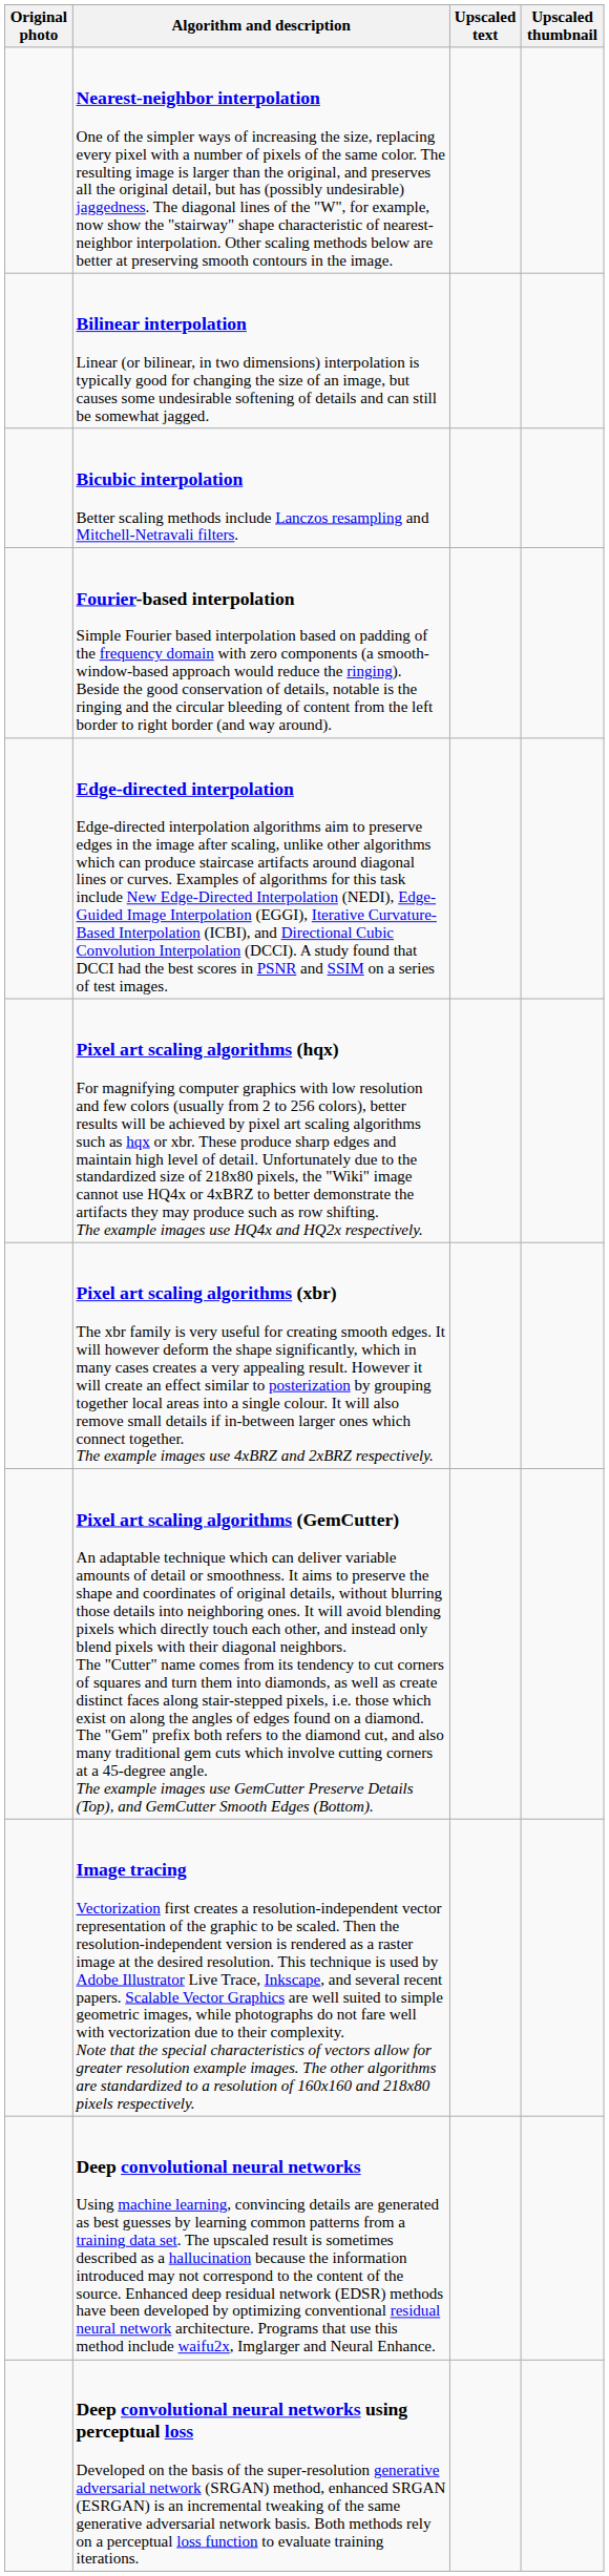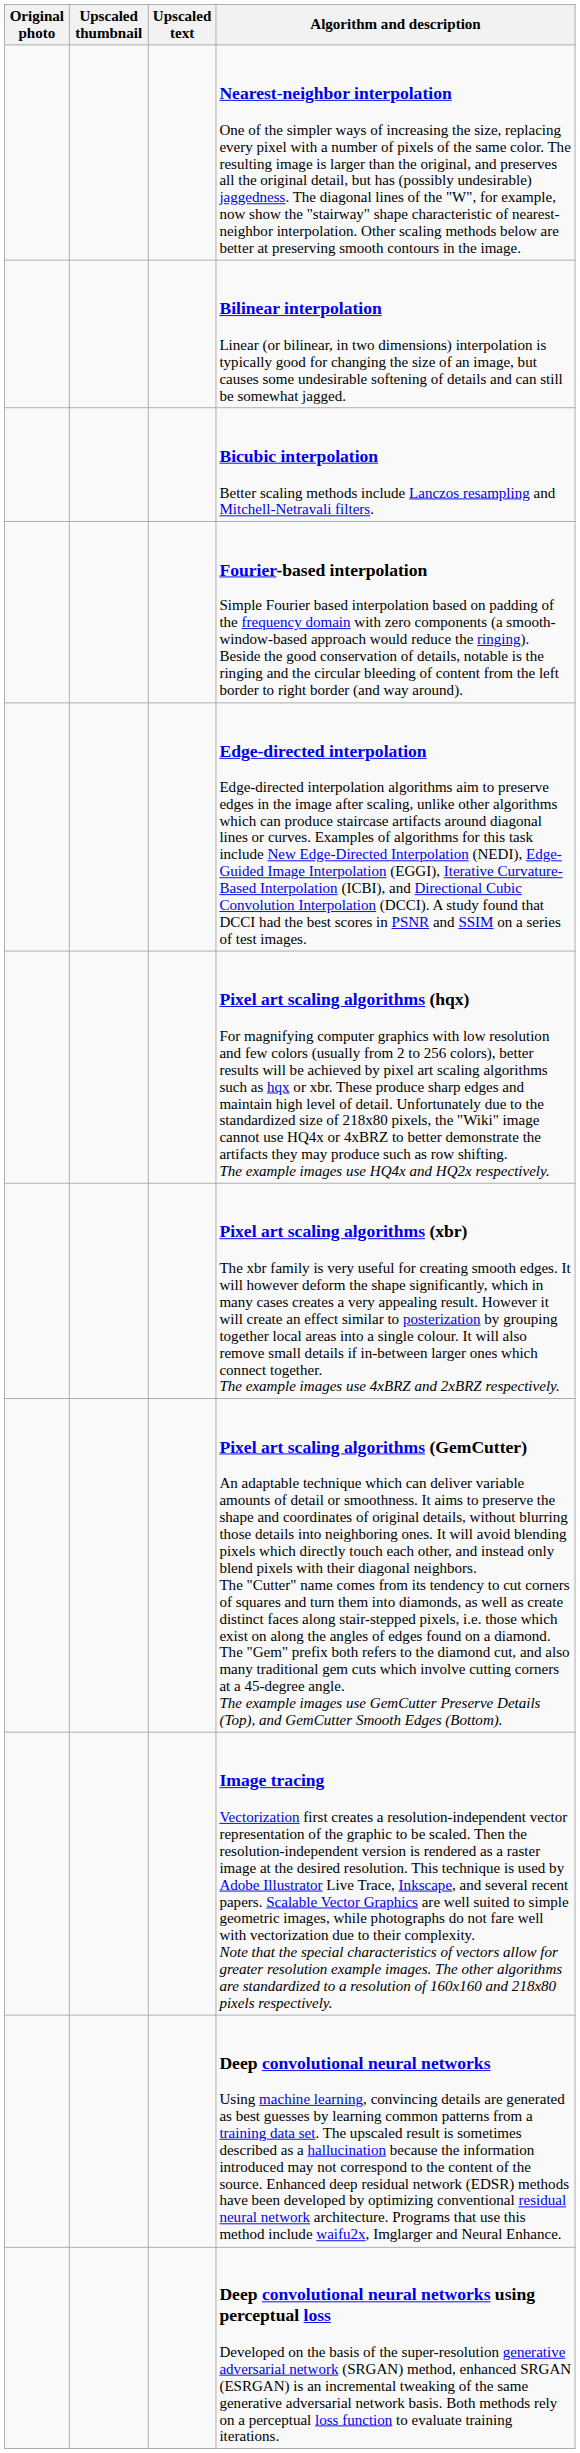 <table class="wikitable">
 <tr>
 <th>Original photo</th>
+<th>Upscaled thumbnail</th>
+<th>Upscaled text</th>
 <th>Algorithm and description</th>
-<th>Upscaled text</th>
-<th>Upscaled thumbnail</th>
 </tr>
 <tr>
 <td></td>
-<td><br><h3><a href='#'>Nearest-neighbor interpolation</a></h3>One of the simpler ways of increasing the size, replacing every pixel with a number of pixels of the same color. The resulting image is larger than the original, and preserves all the original detail, but has (possibly undesirable) <a href='#'>jaggedness</a>. The diagonal lines of the "W", for example, now show the "stairway" shape characteristic of nearest-neighbor interpolation. Other scaling methods below are better at preserving smooth contours in the image.</td>
 <td></td>
 <td></td>
+<td><br><h3><a href='#'>Nearest-neighbor interpolation</a></h3>One of the simpler ways of increasing the size, replacing every pixel with a number of pixels of the same color. The resulting image is larger than the original, and preserves all the original detail, but has (possibly undesirable) <a href='#'>jaggedness</a>. The diagonal lines of the "W", for example, now show the "stairway" shape characteristic of nearest-neighbor interpolation. Other scaling methods below are better at preserving smooth contours in the image.</td>
 </tr>
 <tr>
 <td></td>
-<td><br><h3><a href='#'>Bilinear interpolation</a></h3>Linear (or bilinear, in two dimensions) interpolation is typically good for changing the size of an image, but causes some undesirable softening of details and can still be somewhat jagged.</td>
 <td></td>
 <td></td>
+<td><br><h3><a href='#'>Bilinear interpolation</a></h3>Linear (or bilinear, in two dimensions) interpolation is typically good for changing the size of an image, but causes some undesirable softening of details and can still be somewhat jagged.</td>
 </tr>
 <tr>
 <td></td>
-<td><br><h3><a href='#'>Bicubic interpolation</a></h3>Better scaling methods include <a href='#'>Lanczos resampling</a> and <a href='#'>Mitchell-Netravali filters</a>.</td>
 <td></td>
 <td></td>
+<td><br><h3><a href='#'>Bicubic interpolation</a></h3>Better scaling methods include <a href='#'>Lanczos resampling</a> and <a href='#'>Mitchell-Netravali filters</a>.</td>
 </tr>
 <tr>
 <td></td>
-<td><br><h3><a href='#'>Fourier</a>-based interpolation</h3>Simple Fourier based interpolation based on padding of the <a href='#'>frequency domain</a> with zero components (a smooth-window-based approach would reduce the <a href='#'>ringing</a>). Beside the good conservation of details, notable is the ringing and the circular bleeding of content from the left border to right border (and way around).</td>
 <td></td>
 <td></td>
+<td><br><h3><a href='#'>Fourier</a>-based interpolation</h3>Simple Fourier based interpolation based on padding of the <a href='#'>frequency domain</a> with zero components (a smooth-window-based approach would reduce the <a href='#'>ringing</a>). Beside the good conservation of details, notable is the ringing and the circular bleeding of content from the left border to right border (and way around).</td>
 </tr>
 <tr>
 <td></td>
-<td><br><h3><a href='#'>Edge-directed interpolation</a></h3>Edge-directed interpolation algorithms aim to preserve edges in the image after scaling, unlike other algorithms which can produce staircase artifacts around diagonal lines or curves. Examples of algorithms for this task include <a href='#'>New Edge-Directed Interpolation</a> (NEDI), <a href='#'>Edge-Guided Image Interpolation</a> (EGGI), <a href='#'>Iterative Curvature-Based Interpolation</a> (ICBI), and <a href='#'>Directional Cubic Convolution Interpolation</a> (DCCI).  A study found that DCCI had the best scores in <a href='#'>PSNR</a> and <a href='#'>SSIM</a> on a series of test images.</td>
 <td></td>
 <td></td>
+<td><br><h3><a href='#'>Edge-directed interpolation</a></h3>Edge-directed interpolation algorithms aim to preserve edges in the image after scaling, unlike other algorithms which can produce staircase artifacts around diagonal lines or curves. Examples of algorithms for this task include <a href='#'>New Edge-Directed Interpolation</a> (NEDI), <a href='#'>Edge-Guided Image Interpolation</a> (EGGI), <a href='#'>Iterative Curvature-Based Interpolation</a> (ICBI), and <a href='#'>Directional Cubic Convolution Interpolation</a> (DCCI).  A study found that DCCI had the best scores in <a href='#'>PSNR</a> and <a href='#'>SSIM</a> on a series of test images.</td>
 </tr>
 <tr>
 <td></td>
-<td><br><h3><a href='#'>Pixel art scaling algorithms</a> (hqx)</h3>For magnifying computer graphics with low resolution and few colors (usually from 2 to 256 colors), better results will be achieved by pixel art scaling algorithms such as <a href='#'>hqx</a> or xbr. These produce sharp edges and maintain high level of detail. Unfortunately due to the standardized size of 218x80 pixels, the "Wiki" image cannot use HQ4x or 4xBRZ to better demonstrate the artifacts they may produce such as row shifting.<br><em>The example images use HQ4x and HQ2x respectively.</em></td>
 <td></td>
 <td></td>
+<td><br><h3><a href='#'>Pixel art scaling algorithms</a> (hqx)</h3>For magnifying computer graphics with low resolution and few colors (usually from 2 to 256 colors), better results will be achieved by pixel art scaling algorithms such as <a href='#'>hqx</a> or xbr. These produce sharp edges and maintain high level of detail. Unfortunately due to the standardized size of 218x80 pixels, the "Wiki" image cannot use HQ4x or 4xBRZ to better demonstrate the artifacts they may produce such as row shifting.<br><em>The example images use HQ4x and HQ2x respectively.</em></td>
 </tr>
 <tr>
 <td></td>
-<td><br><h3><a href='#'>Pixel art scaling algorithms</a> (xbr)</h3>The xbr family is very useful for creating smooth edges. It will however deform the shape significantly, which in many cases creates a very appealing result. However it will create an effect similar to <a href='#'>posterization</a> by grouping together local areas into a single colour. It will also remove small details if in-between larger ones which connect together.<br><em>The example images use 4xBRZ and 2xBRZ respectively.</em></td>
 <td></td>
 <td></td>
+<td><br><h3><a href='#'>Pixel art scaling algorithms</a> (xbr)</h3>The xbr family is very useful for creating smooth edges. It will however deform the shape significantly, which in many cases creates a very appealing result. However it will create an effect similar to <a href='#'>posterization</a> by grouping together local areas into a single colour. It will also remove small details if in-between larger ones which connect together.<br><em>The example images use 4xBRZ and 2xBRZ respectively.</em></td>
 </tr>
 <tr>
 <td></td>
+<td></td>
+<td><br><br></td>
 <td><br><h3><a href='#'>Pixel art scaling algorithms</a> (GemCutter)</h3>An adaptable technique which can deliver variable amounts of detail or smoothness. It aims to preserve the shape and coordinates of original details, without blurring those details into neighboring ones. It will avoid blending pixels which directly touch each other, and instead only blend pixels with their diagonal neighbors.<br>The "Cutter" name comes from its tendency to cut corners of squares and turn them into diamonds, as well as create distinct faces along stair-stepped pixels, i.e. those which exist on along the angles of edges found on a diamond. The "Gem" prefix both refers to the diamond cut, and also many traditional gem cuts which involve cutting corners at a 45-degree angle.<br><em>The example images use GemCutter Preserve Details (Top), and GemCutter Smooth Edges (Bottom).</em></td>
-<td><br><br></td>
-<td></td>
 </tr>
 <tr>
 <td></td>
-<td><br><h3><a href='#'>Image tracing</a></h3><a href='#'>Vectorization</a> first creates a resolution-independent vector representation of the graphic to be scaled. Then the resolution-independent version is rendered as a raster image at the desired resolution. This technique is used by <a href='#'>Adobe Illustrator</a> Live Trace, <a href='#'>Inkscape</a>, and several recent papers. <a href='#'>Scalable Vector Graphics</a> are well suited to simple geometric images, while photographs do not fare well with vectorization due to their complexity.<br><em>Note that the special characteristics of vectors allow for greater resolution example images. The other algorithms are standardized to a resolution of 160x160 and 218x80 pixels respectively.</em></td>
 <td></td>
 <td></td>
+<td><br><h3><a href='#'>Image tracing</a></h3><a href='#'>Vectorization</a> first creates a resolution-independent vector representation of the graphic to be scaled. Then the resolution-independent version is rendered as a raster image at the desired resolution. This technique is used by <a href='#'>Adobe Illustrator</a> Live Trace, <a href='#'>Inkscape</a>, and several recent papers. <a href='#'>Scalable Vector Graphics</a> are well suited to simple geometric images, while photographs do not fare well with vectorization due to their complexity.<br><em>Note that the special characteristics of vectors allow for greater resolution example images. The other algorithms are standardized to a resolution of 160x160 and 218x80 pixels respectively.</em></td>
 </tr>
 <tr>
 <td></td>
-<td><br><h3>Deep <a href='#'>convolutional neural networks</a></h3>Using <a href='#'>machine learning</a>, convincing details are generated as best guesses by learning common patterns from a <a href='#'>training data set</a>. The upscaled result is sometimes described as a <a href='#'>hallucination</a> because the information introduced may not correspond to the content of the source. Enhanced deep residual network (EDSR) methods have been developed by optimizing conventional <a href='#'>residual neural network</a> architecture. Programs that use this method include <a href='#'>waifu2x</a>, Imglarger and Neural Enhance.</td>
 <td></td>
 <td></td>
+<td><br><h3>Deep <a href='#'>convolutional neural networks</a></h3>Using <a href='#'>machine learning</a>, convincing details are generated as best guesses by learning common patterns from a <a href='#'>training data set</a>. The upscaled result is sometimes described as a <a href='#'>hallucination</a> because the information introduced may not correspond to the content of the source. Enhanced deep residual network (EDSR) methods have been developed by optimizing conventional <a href='#'>residual neural network</a> architecture. Programs that use this method include <a href='#'>waifu2x</a>, Imglarger and Neural Enhance.</td>
 </tr>
 <tr>
 <td></td>
-<td><br><h3>Deep <a href='#'>convolutional neural networks</a> using perceptual <a href='#'>loss</a></h3>Developed on the basis of the super-resolution <a href='#'>generative adversarial network</a> (SRGAN) method, enhanced SRGAN (ESRGAN) is an incremental tweaking of the same generative adversarial network basis. Both methods rely on a perceptual <a href='#'>loss function</a> to evaluate training iterations.</td>
 <td></td>
 <td></td>
+<td><br><h3>Deep <a href='#'>convolutional neural networks</a> using perceptual <a href='#'>loss</a></h3>Developed on the basis of the super-resolution <a href='#'>generative adversarial network</a> (SRGAN) method, enhanced SRGAN (ESRGAN) is an incremental tweaking of the same generative adversarial network basis. Both methods rely on a perceptual <a href='#'>loss function</a> to evaluate training iterations.</td>
 </tr>
 </table>
